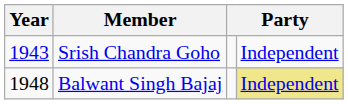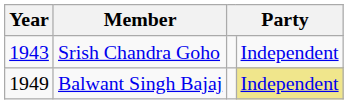 <table class="wikitable">
 <tr>
 <th>Year</th>
 <th>Member</th>
 <th colspan="2">Party</th>
 </tr>
 <tr>
 <td><a href='#'>1943</a></td>
 <td><a href='#'>Srish Chandra Goho</a></td>
 <td></td>
 <td><a href='#'>Independent</a></td>
 </tr>
 <tr>
-<td>1948</td>
+<td>1949</td>
 <td><a href='#'>Balwant Singh Bajaj</a></td>
 <td></td>
 <td style="background: khaki;"><a href='#'>Independent</a></td>
 </tr>
 </table>
